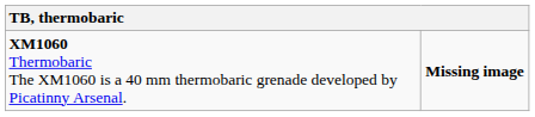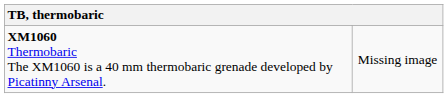 <table class="wikitable mw-collapsible mw-collapsed" style="width: 33%;">
 <tr>
 <th colspan="2" style="text-align: left;">TB, thermobaric</th>
 </tr>
 <tr>
 <td><strong>XM1060</strong><br><a href='#'>Thermobaric</a><br>The XM1060 is a 40 mm thermobaric grenade developed by <a href='#'>Picatinny Arsenal</a>.</td>
-<td style="width: 100px; text-align: center; vertical-align: center;"><strong>Missing image</strong></td>
+<td style="width: 100px; text-align: center; vertical-align: center;">Missing image</td>
 </tr>
 </table>
